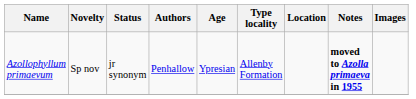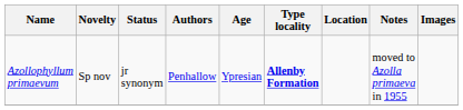 <table class="wikitable sortable" align="center" width="100%">
 <tr>
 <th>Name</th>
 <th>Novelty</th>
 <th>Status</th>
 <th>Authors</th>
 <th>Age</th>
 <th>Type locality</th>
 <th>Location</th>
 <th>Notes</th>
 <th>Images</th>
 </tr>
 <tr>
 <td><br><em><a href='#'>Azollophyllum primaevum</a></em></td>
 <td><br>Sp nov</td>
 <td><br>jr synonym</td>
 <td><br><a href='#'>Penhallow</a></td>
 <td><br><a href='#'>Ypresian</a></td>
-<td><br><a href='#'>Allenby Formation</a></td>
+<td><strong><br><a href='#'>Allenby Formation</a></strong></td>
 <td><br></td>
-<td><strong><br>moved to <em><a href='#'>Azolla primaeva</a></em> in <a href='#'>1955</a></strong></td>
+<td><br>moved to <em><a href='#'>Azolla primaeva</a></em> in <a href='#'>1955</a></td>
 <td><br></td>
 </tr>
 <tr>
 </tr>
 </table>
